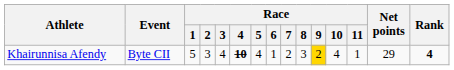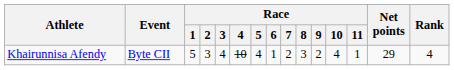 <table class="wikitable" width="84%" style="text-align:center; font-size:90%">
 <tr>
 <th rowspan="2" width="20%">Athlete</th>
 <th rowspan="2" width="10%">Event</th>
 <th colspan="11" width="48%">Race</th>
 <th rowspan="2" width="3%">Net points</th>
 <th rowspan="2" width="3%">Rank</th>
 </tr>
 <tr>
 <th width="2%">1</th>
 <th width="2%">2</th>
 <th width="2%">3</th>
 <th width="2%">4</th>
 <th width="2%">5</th>
 <th width="2%">6</th>
 <th width="2%">7</th>
 <th width="2%">8</th>
 <th width="2%">9</th>
 <th width="2%">10</th>
 <th width="2%">11</th>
 </tr>
 <tr>
 <td align="left"><a href='#'>Khairunnisa Afendy</a></td>
 <td align="left"><a href='#'>Byte CII</a></td>
 <td>5</td>
 <td>3</td>
 <td>4</td>
-<td><strong><s>10</s></strong></td>
+<td><s>10</s></td>
 <td>4</td>
 <td>1</td>
 <td>2</td>
 <td>3</td>
-<td style="background: gold;">2</td>
+<td>2</td>
 <td>4</td>
 <td>1</td>
 <td>29</td>
-<td><strong>4</strong></td>
+<td>4</td>
 </tr>
 </table>
